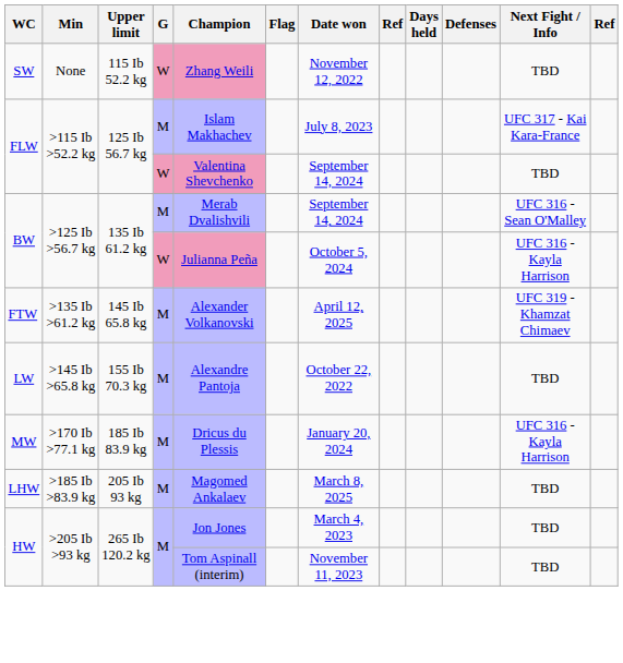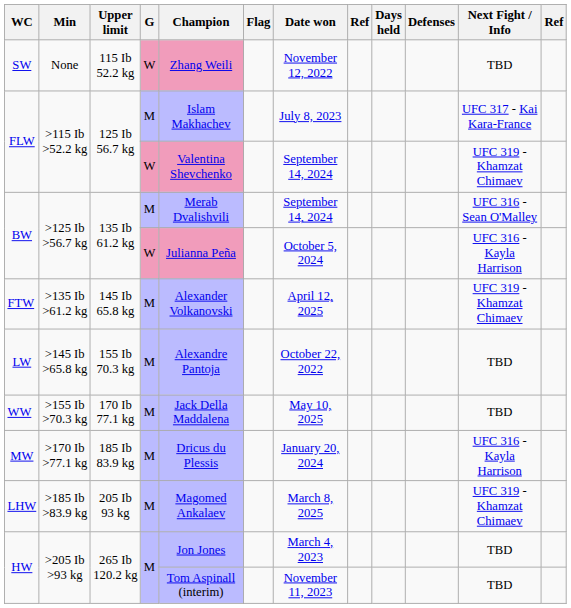 <table class="wikitable" style="font-size: 85%; width:97%">
 <tr>
 <th colspan="";! width=3%>WC</th>
 <th colspan=""! width=7%>Min</th>
 <th colspan=""! width=7%>Upper limit</th>
 <th rowspan=""!width=3%>G</th>
 <th rowspan=""!width=4%>Champion</th>
 <th rowspan=""!width=3%>Flag</th>
 <th rowspan=""!width=8%>Date won</th>
 <th rowspan=""!width=3%>Ref</th>
 <th rowspan=""!width=3%>Days<br>held</th>
 <th rowspan=""!width=45%>Defenses</th>
 <th rowspan=""!width=9%>Next Fight / Info</th>
 <th rowspan=""!width=3%>Ref</th>
 </tr>
 <tr style="text-align:center;">
 <td><a href='#'>SW</a></td>
 <td>None</td>
 <td>115 Ib <br> 52.2 kg</td>
 <td style="background:#F19CBB;">W</td>
 <td style="background:#F19CBB;"><a href='#'>Zhang Weili</a></td>
 <td></td>
 <td><a href='#'>November 12, 2022</a></td>
 <td></td>
 <td></td>
 <td style="text-align:left;"><br><br> <br> </td>
 <td>TBD</td>
 <td></td>
 </tr>
 <tr style="text-align:center;">
 <td rowspan=2><a href='#'>FLW</a></td>
 <td rowspan=2>>115 Ib <br>>52.2 kg</td>
 <td rowspan=2>125 Ib <br> 56.7 kg</td>
 <td style="background:#BBF; ">M</td>
 <td style="background:#BBF;"><a href='#'>Islam Makhachev</a></td>
 <td></td>
 <td><a href='#'>July 8, 2023</a></td>
 <td></td>
 <td></td>
 <td style="text-align:left;"><br><br> <br> </td>
 <td><a href='#'>UFC 317</a> - <a href='#'>Kai Kara-France</a></td>
 <td></td>
 </tr>
 <tr style="text-align:center;">
 <td style="background:#F19CBB;">W</td>
 <td style="background:#F19CBB;"><a href='#'>Valentina Shevchenko</a></td>
 <td></td>
 <td><a href='#'>September 14, 2024</a></td>
 <td></td>
 <td></td>
 <td style="text-align:left;"><br><br></td>
-<td>TBD</td>
+<td><a href='#'>UFC 319</a> - <a href='#'>Khamzat Chimaev</a></td>
 <td></td>
 </tr>
 <tr style="text-align:center;">
 <td rowspan=2><a href='#'>BW</a></td>
 <td rowspan=2>>125 Ib <br>>56.7 kg</td>
 <td rowspan=2>135 Ib <br> 61.2 kg</td>
 <td style="background:#BBF;">M</td>
 <td style="background:#BBF;"><a href='#'>Merab Dvalishvili</a></td>
 <td></td>
 <td><a href='#'>September 14, 2024</a></td>
 <td></td>
 <td></td>
 <td style="text-align:left;"><br> <br></td>
 <td><a href='#'>UFC 316</a> - <a href='#'>Sean O'Malley</a></td>
 <td></td>
 </tr>
 <tr style="text-align:center;">
 <td style="background:#F19CBB;">W</td>
 <td style="background:#F19CBB;"><a href='#'>Julianna Peña</a></td>
 <td></td>
 <td><a href='#'>October 5, 2024</a></td>
 <td></td>
 <td></td>
 <td style="text-align:left;"></td>
 <td><a href='#'>UFC 316</a> - <a href='#'>Kayla Harrison</a></td>
 <td></td>
 </tr>
 <tr style="text-align:center;">
 <td style="text-align:left"><a href='#'>FTW</a></td>
 <td>>135 Ib <br> >61.2 kg</td>
 <td>145 Ib <br> 65.8 kg</td>
 <td style="background:#BBF;">M</td>
 <td style="background:#BBF;"><a href='#'>Alexander Volkanovski</a></td>
 <td></td>
 <td><a href='#'>April 12, 2025</a></td>
 <td></td>
 <td></td>
 <td></td>
 <td><a href='#'>UFC 319</a> - <a href='#'>Khamzat Chimaev</a></td>
 <td></td>
 </tr>
 <tr style="text-align:center;">
 <td><a href='#'>LW</a></td>
 <td>>145 Ib <br> >65.8 kg</td>
 <td>155 Ib <br> 70.3 kg</td>
 <td style="background:#BBF;">M</td>
 <td style="background:#BBF;"><a href='#'>Alexandre Pantoja</a></td>
 <td></td>
 <td><a href='#'>October 22, 2022</a></td>
 <td></td>
 <td></td>
 <td style="text-align:left;"><br> <br> <br> <br> </td>
 <td>TBD</td>
 <td></td>
 </tr>
 <tr style="text-align:center;">
+<td style="text-align:left"><a href='#'>WW</a></td>
+<td>>155 Ib <br> >70.3 kg</td>
+<td>170 Ib <br> 77.1 kg</td>
+<td style="background:#BBF;">M</td>
+<td style="background:#BBF;"><a href='#'>Jack Della Maddalena</a></td>
+<td></td>
+<td><a href='#'>May 10, 2025</a></td>
+<td></td>
+<td></td>
+<td style="text-align:left;"></td>
+<td>TBD</td>
+<td></td>
+</tr>
+<tr style="text-align:center;">
 <td><a href='#'>MW</a></td>
 <td>>170 Ib <br> >77.1 kg</td>
 <td>185 Ib <br> 83.9 kg</td>
 <td style="background:#BBF;">M</td>
 <td style="background:#BBF;"><a href='#'>Dricus du Plessis</a></td>
 <td></td>
 <td><a href='#'>January 20, 2024</a></td>
 <td></td>
 <td></td>
 <td style="text-align:left;"><br><br> </td>
 <td><a href='#'>UFC 316</a> - <a href='#'>Kayla Harrison</a></td>
 <td></td>
 </tr>
 <tr style="text-align:center;">
 <td style="textalign:left"><a href='#'>LHW</a></td>
 <td>>185 Ib <br> >83.9 kg</td>
 <td>205 Ib <br> 93 kg</td>
 <td style="background:#BBF;">M</td>
 <td style="background:#BBF;"><a href='#'>Magomed Ankalaev</a></td>
 <td></td>
 <td><a href='#'>March 8, 2025</a></td>
 <td></td>
 <td></td>
 <td style="text-align:left;"></td>
-<td>TBD</td>
+<td><a href='#'>UFC 319</a> - <a href='#'>Khamzat Chimaev</a></td>
 <td></td>
 </tr>
 <tr style="text-align:center;">
 <td rowspan=2><a href='#'>HW</a></td>
 <td rowspan=2>>205 Ib <br> >93 kg</td>
 <td rowspan=2>265 Ib <br> 120.2 kg</td>
 <td rowspan=2 style="background:#BBF; ">M</td>
 <td style="background:#BBF;"><a href='#'>Jon Jones</a></td>
 <td></td>
 <td><a href='#'>March 4, 2023</a></td>
 <td></td>
 <td></td>
 <td style="text-align:left;"><br></td>
 <td>TBD</td>
 <td></td>
 </tr>
 <tr style="text-align:center;">
 <td style="background:#BBF;"><a href='#'>Tom Aspinall</a> (interim)</td>
 <td></td>
 <td><a href='#'>November 11, 2023</a></td>
 <td></td>
 <td></td>
 <td style="text-align:left;"><br></td>
 <td>TBD</td>
 <td></td>
 </tr>
 </table>
